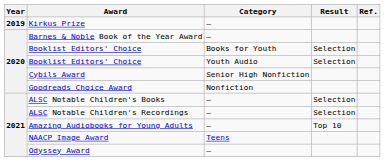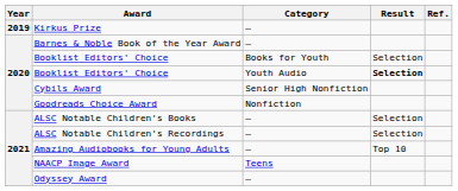 <table class="wikitable sortable mw-collapsible">
 <tr>
 <th>Year</th>
 <th>Award</th>
 <th>Category</th>
 <th>Result</th>
 <th>Ref.</th>
 </tr>
 <tr>
 <th>2019</th>
 <td><a href='#'>Kirkus Prize</a></td>
 <td>—</td>
 <td></td>
 <td></td>
 </tr>
 <tr>
 <th rowspan="5">2020</th>
 <td><a href='#'>Barnes & Noble</a> Book of the Year Award</td>
 <td>—</td>
 <td></td>
 <td></td>
 </tr>
 <tr>
 <td><a href='#'>Booklist Editors' Choice</a></td>
 <td>Books for Youth</td>
 <td>Selection</td>
 <td></td>
 </tr>
 <tr>
 <td><a href='#'>Booklist Editors' Choice</a></td>
 <td>Youth Audio</td>
-<td>Selection</td>
+<td><strong>Selection</strong></td>
 <td></td>
 </tr>
 <tr>
 <td><a href='#'>Cybils Award</a></td>
 <td>Senior High Nonfiction</td>
 <td></td>
 <td></td>
 </tr>
 <tr>
 <td><a href='#'>Goodreads Choice Award</a></td>
 <td>Nonfiction</td>
 <td></td>
 <td></td>
 </tr>
 <tr>
 <th rowspan="5">2021</th>
 <td><a href='#'>ALSC</a> Notable Children's Books</td>
 <td>—</td>
 <td>Selection</td>
 <td></td>
 </tr>
 <tr>
 <td><a href='#'>ALSC</a> Notable Children's Recordings</td>
 <td>—</td>
 <td>Selection</td>
 <td></td>
 </tr>
 <tr>
 <td><a href='#'>Amazing Audiobooks for Young Adults</a></td>
 <td>—</td>
 <td>Top 10</td>
 <td></td>
 </tr>
 <tr>
 <td><a href='#'>NAACP Image Award</a></td>
 <td><a href='#'>Teens</a></td>
 <td></td>
 <td></td>
 </tr>
 <tr>
 <td><a href='#'>Odyssey Award</a></td>
 <td>—</td>
 <td></td>
 <td></td>
 </tr>
 </table>
